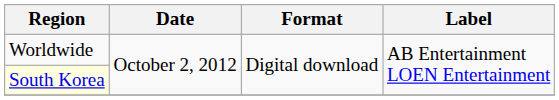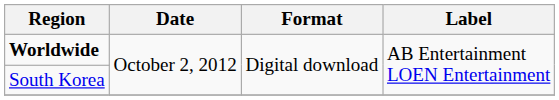 <table class="wikitable">
 <tr>
 <th>Region</th>
 <th>Date</th>
 <th>Format</th>
 <th>Label</th>
 </tr>
 <tr>
-<td rowspan="1">Worldwide</td>
+<td rowspan="1"><strong>Worldwide</strong></td>
 <td rowspan="2">October 2, 2012</td>
 <td rowspan="2">Digital download</td>
 <td rowspan="2">AB Entertainment<br><a href='#'>LOEN Entertainment</a></td>
 </tr>
 <tr>
-<td rowspan="1" style="background: lightyellow;"><a href='#'>South Korea</a></td>
+<td rowspan="1"><a href='#'>South Korea</a></td>
 </tr>
 <tr>
 </tr>
 </table>
